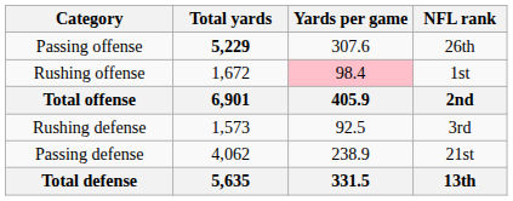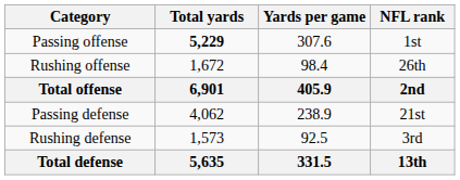 <table class="wikitable" style="text-align:center">
 <tr>
 <th width="150">Category</th>
 <th width="100">Total yards</th>
 <th width="110">Yards per game</th>
 <th width="80">NFL rank<br></th>
 </tr>
 <tr>
 <td>Passing offense</td>
 <td><strong>5,229</strong></td>
 <td>307.6</td>
-<td>26th</td>
+<td>1st</td>
 </tr>
 <tr>
 <td>Rushing offense</td>
 <td>1,672</td>
-<td style="background: pink;">98.4</td>
-<td>1st</td>
+<td>98.4</td>
+<td>26th</td>
 </tr>
 <tr>
 <th>Total offense</th>
 <th>6,901</th>
 <th>405.9</th>
 <th>2nd</th>
 </tr>
 <tr>
+<td>Passing defense</td>
+<td>4,062</td>
+<td>238.9</td>
+<td>21st</td>
+</tr>
+<tr>
 <td>Rushing defense</td>
 <td>1,573</td>
 <td>92.5</td>
 <td>3rd</td>
-</tr>
-<tr>
-<td>Passing defense</td>
-<td>4,062</td>
-<td>238.9</td>
-<td>21st</td>
 </tr>
 <tr>
 <th>Total defense</th>
 <th>5,635</th>
 <th>331.5</th>
 <th>13th</th>
 </tr>
 </table>
